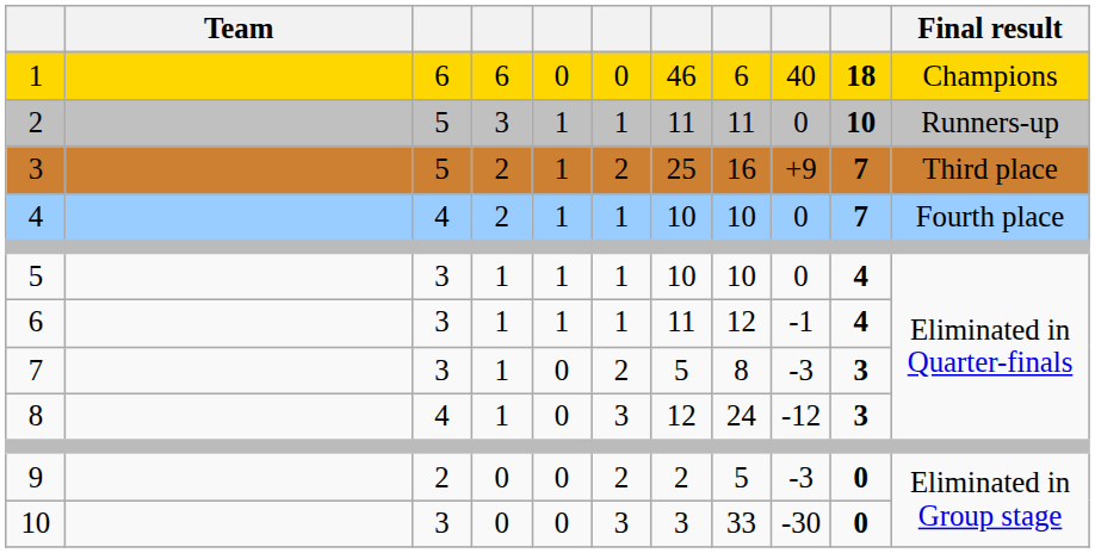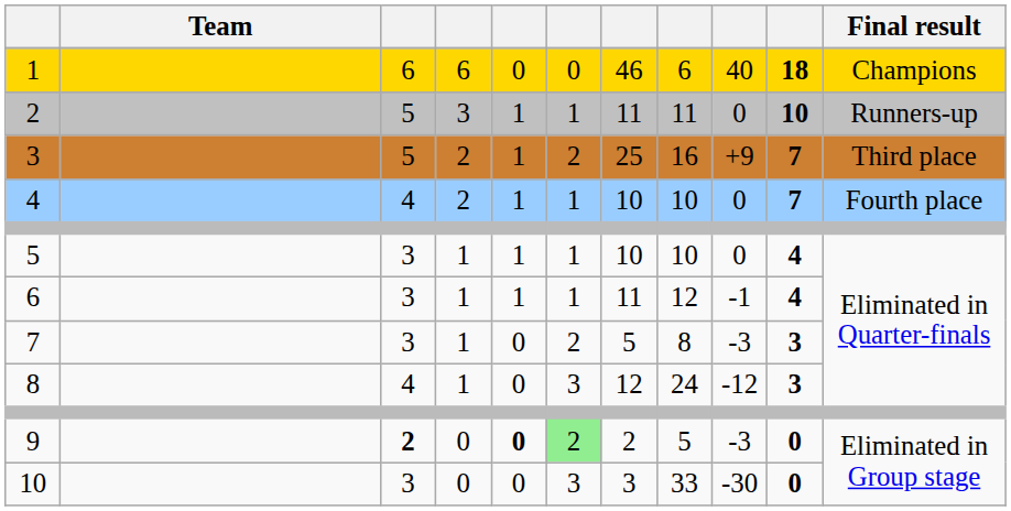 <table class=wikitable style="text-align:center">
 <tr>
 <th width="25"></th>
 <th width="180">Team</th>
 <th width="25"></th>
 <th width="25"></th>
 <th width="25"></th>
 <th width="25"></th>
 <th width="25"></th>
 <th width="25"></th>
 <th width="25"></th>
 <th width="25"></th>
 <th width="100">Final result</th>
 </tr>
 <tr>
 </tr>
 <tr style="background: #FFD700;">
 <td>1</td>
 <td align=left></td>
 <td>6</td>
 <td>6</td>
 <td>0</td>
 <td>0</td>
 <td>46</td>
 <td>6</td>
 <td>40</td>
 <td><strong>18</strong></td>
 <td>Champions</td>
 </tr>
 <tr style="background: #C0C0C0;">
 <td>2</td>
 <td align=left></td>
 <td>5</td>
 <td>3</td>
 <td>1</td>
 <td>1</td>
 <td>11</td>
 <td>11</td>
 <td>0</td>
 <td><strong>10</strong></td>
 <td>Runners-up</td>
 </tr>
 <tr style="background: #CD7F32;">
 <td>3</td>
 <td align=left></td>
 <td>5</td>
 <td>2</td>
 <td>1</td>
 <td>2</td>
 <td>25</td>
 <td>16</td>
 <td>+9</td>
 <td><strong>7</strong></td>
 <td>Third place</td>
 </tr>
 <tr bgcolor=#9acdff>
 <td>4</td>
 <td align=left></td>
 <td>4</td>
 <td>2</td>
 <td>1</td>
 <td>1</td>
 <td>10</td>
 <td>10</td>
 <td>0</td>
 <td><strong>7</strong></td>
 <td>Fourth place</td>
 </tr>
 <tr style="border-top:8px solid #BBBBBB;">
 <td>5</td>
 <td align=left></td>
 <td>3</td>
 <td>1</td>
 <td>1</td>
 <td>1</td>
 <td>10</td>
 <td>10</td>
 <td>0</td>
 <td><strong>4 </strong></td>
 <td rowspan=4>Eliminated in <a href='#'>Quarter-finals</a></td>
 </tr>
 <tr>
 <td>6</td>
 <td align=left></td>
 <td>3</td>
 <td>1</td>
 <td>1</td>
 <td>1</td>
 <td>11</td>
 <td>12</td>
 <td>-1</td>
 <td><strong>4</strong></td>
 </tr>
 <tr>
 <td>7</td>
 <td align=left></td>
 <td>3</td>
 <td>1</td>
 <td>0</td>
 <td>2</td>
 <td>5</td>
 <td>8</td>
 <td>-3</td>
 <td><strong>3 </strong></td>
 </tr>
 <tr>
 <td>8</td>
 <td align=left></td>
 <td>4</td>
 <td>1</td>
 <td>0</td>
 <td>3</td>
 <td>12</td>
 <td>24</td>
 <td>-12</td>
 <td><strong>3</strong></td>
 </tr>
 <tr style="border-top:8px solid #BBBBBB;">
 <td>9</td>
 <td align=left></td>
-<td>2</td>
+<td><strong>2</strong></td>
 <td>0</td>
-<td>0</td>
-<td>2</td>
+<td><strong>0</strong></td>
+<td style="background: lightgreen;">2</td>
 <td>2</td>
 <td>5</td>
 <td>-3</td>
 <td><strong>0</strong></td>
 <td rowspan=2>Eliminated in <a href='#'>Group stage</a></td>
 </tr>
 <tr>
 <td>10</td>
 <td align=left></td>
 <td>3</td>
 <td>0</td>
 <td>0</td>
 <td>3</td>
 <td>3</td>
 <td>33</td>
 <td>-30</td>
 <td><strong>0</strong></td>
 </tr>
 </table>
